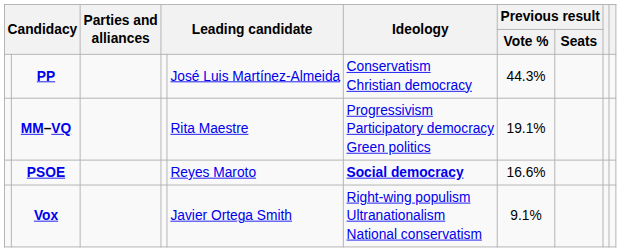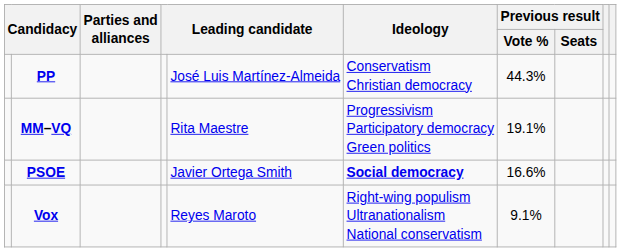 <table class="wikitable" style="line-height:1.35em; text-align:left;">
 <tr>
 <th colspan="2" rowspan="2">Candidacy</th>
 <th rowspan="2">Parties and<br>alliances</th>
 <th colspan="2" rowspan="2">Leading candidate</th>
 <th rowspan="2">Ideology</th>
 <th colspan="2">Previous result</th>
 <th rowspan="2"></th>
 <th rowspan="2"></th>
 </tr>
 <tr>
 <th>Vote %</th>
 <th>Seats</th>
 </tr>
 <tr>
 <td width="1" style="color:inherit;background:"></td>
 <td align="center"><strong><a href='#'>PP</a></strong></td>
 <td></td>
 <td></td>
 <td><a href='#'>José Luis Martínez-Almeida</a></td>
 <td><a href='#'>Conservatism</a><br><a href='#'>Christian democracy</a></td>
 <td align="center">44.3%</td>
 <td></td>
 <td></td>
 <td></td>
 </tr>
 <tr>
 <td style="color:inherit;background:"></td>
 <td align="center"><strong><a href='#'>MM</a>–<a href='#'>VQ</a></strong></td>
 <td></td>
 <td></td>
 <td><a href='#'>Rita Maestre</a></td>
 <td><a href='#'>Progressivism</a><br><a href='#'>Participatory democracy</a><br><a href='#'>Green politics</a></td>
 <td align="center">19.1%</td>
 <td></td>
 <td></td>
 <td></td>
 </tr>
 <tr>
 <td style="color:inherit;background:"></td>
 <td align="center"><strong><a href='#'>PSOE</a></strong></td>
 <td></td>
 <td></td>
-<td><a href='#'>Reyes Maroto</a></td>
+<td><a href='#'>Javier Ortega Smith</a></td>
 <td><strong><a href='#'>Social democracy</a></strong></td>
 <td align="center">16.6%</td>
 <td></td>
 <td></td>
 <td></td>
 </tr>
 <tr>
 <td style="color:inherit;background:"></td>
 <td align="center"><strong><a href='#'>Vox</a></strong></td>
 <td></td>
 <td></td>
-<td><a href='#'>Javier Ortega Smith</a></td>
+<td><a href='#'>Reyes Maroto</a></td>
 <td><a href='#'>Right-wing populism</a><br><a href='#'>Ultranationalism</a><br><a href='#'>National conservatism</a></td>
 <td align="center">9.1%</td>
 <td></td>
 <td></td>
 <td></td>
 </tr>
 </table>
